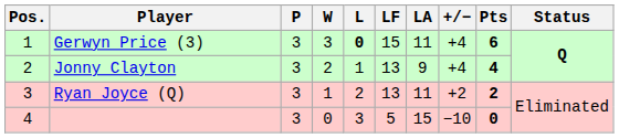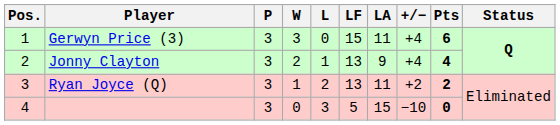 <table class="wikitable" style="text-align:center; margin: 1em auto 1em auto, align:left">
 <tr>
 <th width=20>Pos.</th>
 <th width=185>Player</th>
 <th width=20>P</th>
 <th width=20>W</th>
 <th width=20>L</th>
 <th width=20>LF</th>
 <th width=20>LA</th>
 <th width=25>+/−</th>
 <th width=20>Pts</th>
 <th width=70>Status</th>
 </tr>
 <tr style="background:#CCFFCC;">
 <td>1</td>
 <td align=left> <a href='#'>Gerwyn Price</a> (3)</td>
 <td>3</td>
 <td>3</td>
-<td><strong>0</strong></td>
+<td>0</td>
 <td>15</td>
 <td>11</td>
 <td>+4</td>
 <td><strong>6</strong></td>
 <td rowspan=2><strong>Q</strong></td>
 </tr>
 <tr style="background:#CCFFCC;">
 <td>2</td>
 <td align=left> <a href='#'>Jonny Clayton</a></td>
 <td>3</td>
 <td>2</td>
 <td>1</td>
 <td>13</td>
 <td>9</td>
 <td>+4</td>
 <td><strong>4</strong></td>
 </tr>
 <tr style="background:#FFCCCC;">
 <td>3</td>
 <td align=left> <a href='#'>Ryan Joyce</a> (Q)</td>
 <td>3</td>
 <td>1</td>
 <td>2</td>
 <td>13</td>
 <td>11</td>
 <td>+2</td>
 <td><strong>2</strong></td>
 <td rowspan=2>Eliminated</td>
 </tr>
 <tr style="background:#FFCCCC;">
 <td>4</td>
 <td align=left></td>
 <td>3</td>
 <td>0</td>
 <td>3</td>
 <td>5</td>
 <td>15</td>
 <td>−10</td>
 <td><strong>0</strong></td>
 </tr>
 </table>
